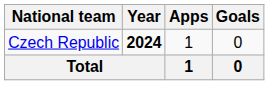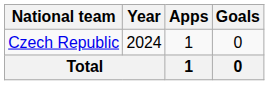 <table class="wikitable" style="text-align:center">
 <tr>
 <th>National team</th>
 <th>Year</th>
 <th>Apps</th>
 <th>Goals</th>
 </tr>
 <tr>
 <td><a href='#'>Czech Republic</a></td>
-<td><strong>2024</strong></td>
+<td>2024</td>
 <td>1</td>
 <td>0</td>
 </tr>
 <tr>
 <th colspan="2">Total</th>
 <th>1</th>
 <th>0</th>
 </tr>
 </table>
